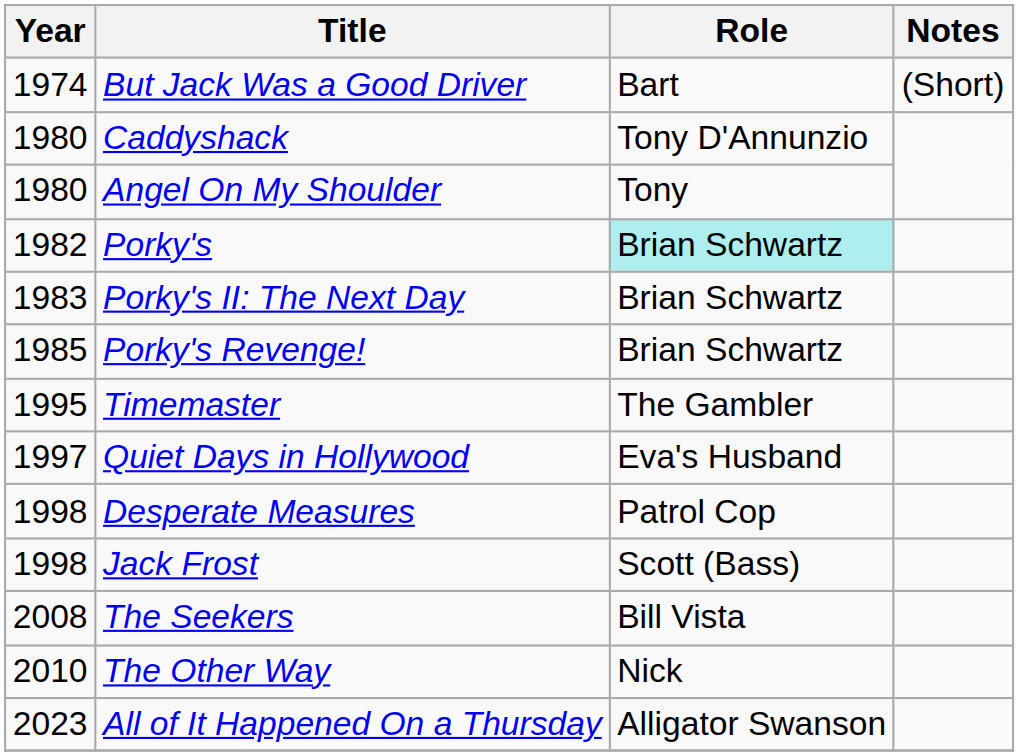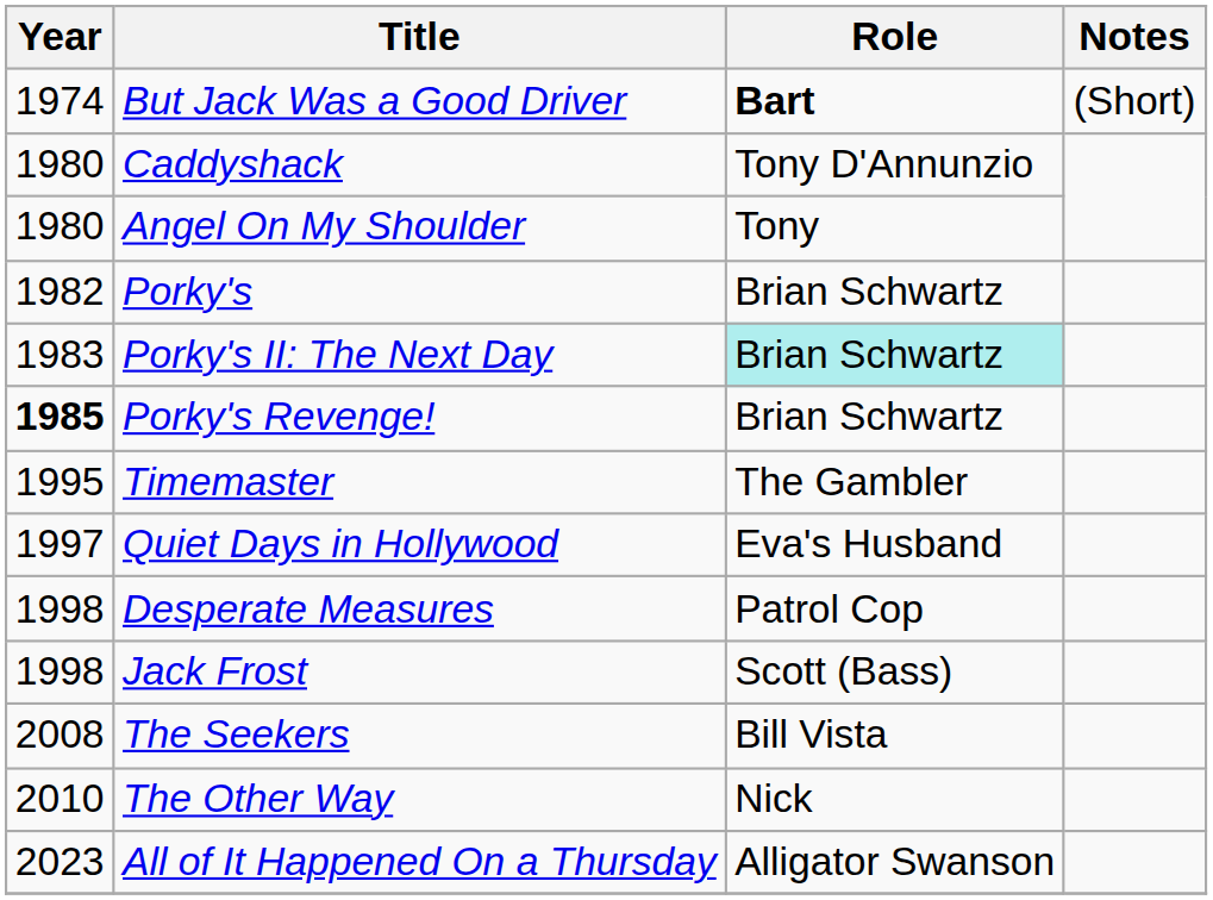 <table class="wikitable sortable plainrowheaders" style="white-space:nowrap">
 <tr>
 <th>Year</th>
 <th>Title</th>
 <th>Role</th>
 <th>Notes</th>
 </tr>
 <tr>
 <td>1974</td>
 <td><em><a href='#'>But Jack Was a Good Driver</a></em></td>
-<td>Bart</td>
+<td><strong>Bart</strong></td>
 <td>(Short)</td>
 </tr>
 <tr>
 <td>1980</td>
 <td><em><a href='#'>Caddyshack</a></em></td>
 <td>Tony D'Annunzio</td>
 </tr>
 <tr>
 <td>1980</td>
 <td><em><a href='#'>Angel On My Shoulder</a></em></td>
 <td>Tony</td>
 </tr>
 <tr>
 <td>1982</td>
 <td><em><a href='#'>Porky's</a></em></td>
-<td style="background: paleturquoise;">Brian Schwartz</td>
+<td>Brian Schwartz</td>
 <td></td>
 </tr>
 <tr>
 <td>1983</td>
 <td><em><a href='#'>Porky's II: The Next Day</a></em></td>
-<td>Brian Schwartz</td>
+<td style="background: paleturquoise;">Brian Schwartz</td>
 <td></td>
 </tr>
 <tr>
-<td>1985</td>
+<td><strong>1985</strong></td>
 <td><em><a href='#'>Porky's Revenge!</a></em></td>
 <td>Brian Schwartz</td>
 <td></td>
 </tr>
 <tr>
 <td>1995</td>
 <td><em><a href='#'>Timemaster</a></em></td>
 <td>The Gambler</td>
 <td></td>
 </tr>
 <tr>
 <td>1997</td>
 <td><em><a href='#'>Quiet Days in Hollywood</a></em></td>
 <td>Eva's Husband</td>
 <td></td>
 </tr>
 <tr>
 <td>1998</td>
 <td><em><a href='#'>Desperate Measures</a></em></td>
 <td>Patrol Cop</td>
 <td></td>
 </tr>
 <tr>
 <td>1998</td>
 <td><em><a href='#'>Jack Frost</a></em></td>
 <td>Scott (Bass)</td>
 <td></td>
 </tr>
 <tr>
 <td>2008</td>
 <td><em><a href='#'>The Seekers</a></em></td>
 <td>Bill Vista</td>
 <td></td>
 </tr>
 <tr>
 <td>2010</td>
 <td><em><a href='#'>The Other Way</a></em></td>
 <td>Nick</td>
 <td></td>
 </tr>
 <tr>
 <td>2023</td>
 <td><em><a href='#'>All of It Happened On a Thursday</a></em></td>
 <td>Alligator Swanson</td>
 <td></td>
 </tr>
 <tr>
 </tr>
 </table>
